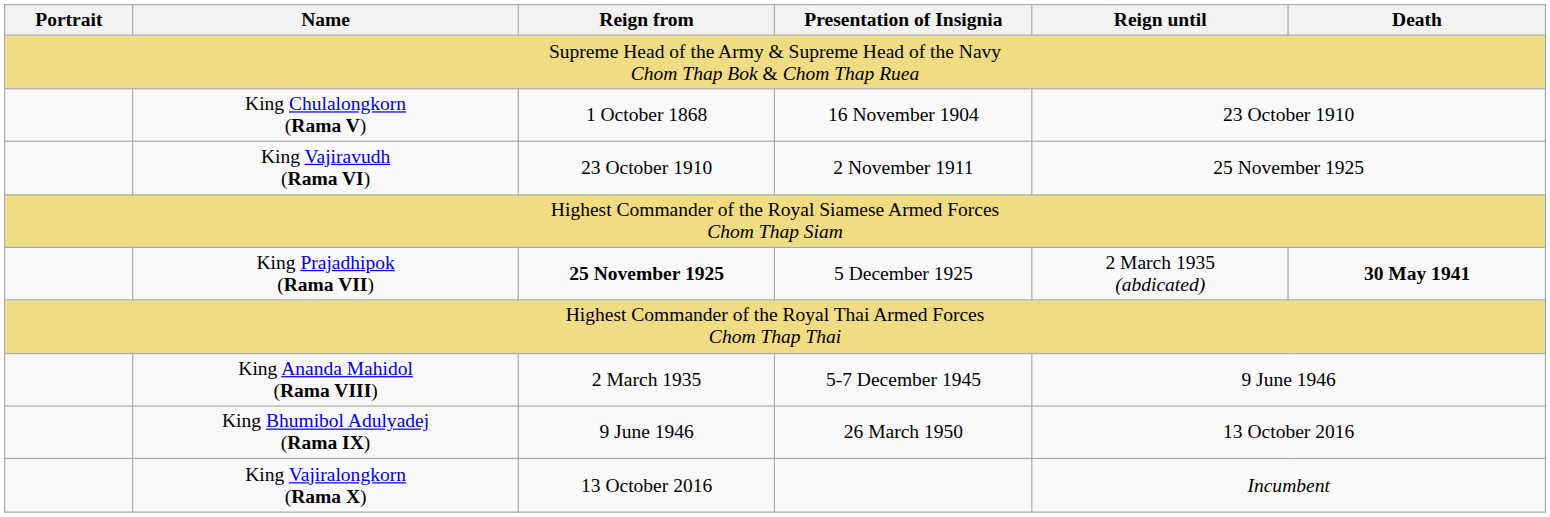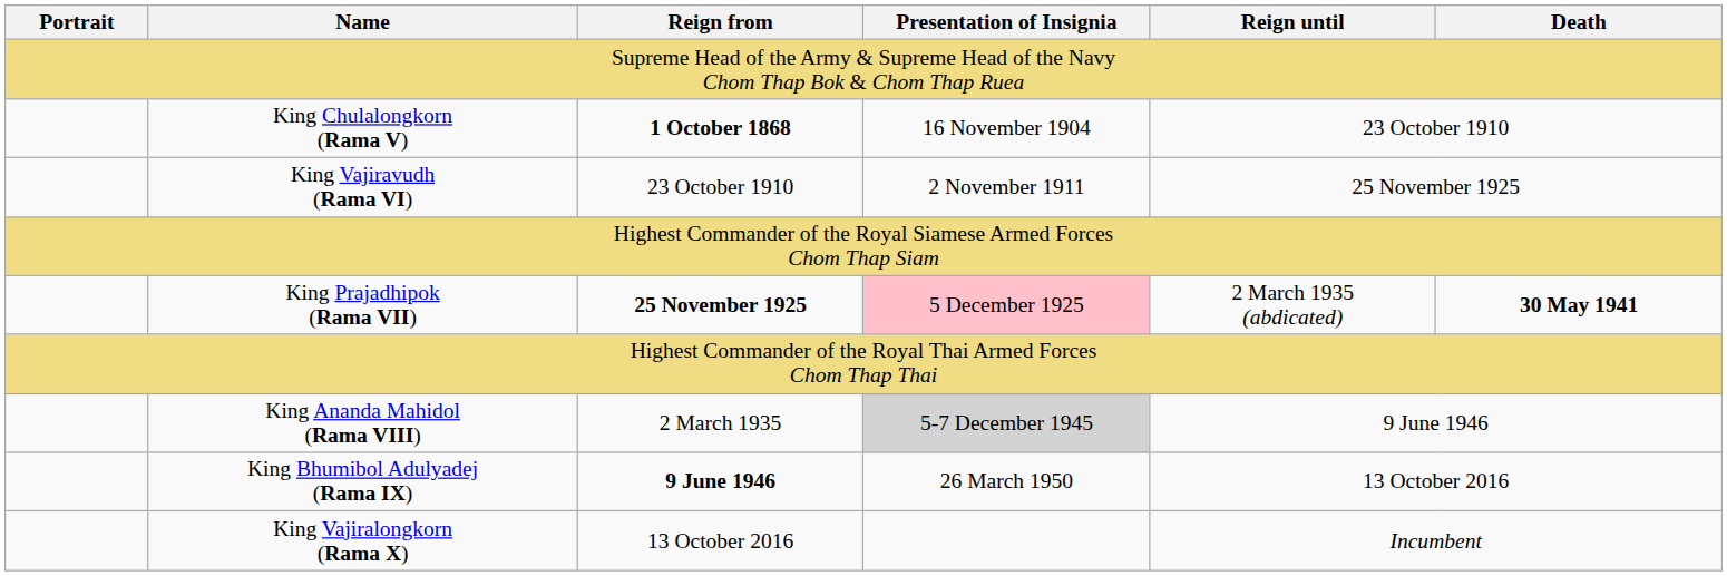 <table width=100% class="wikitable">
 <tr>
 <th width=5%>Portrait</th>
 <th width=15%>Name</th>
 <th width=10%>Reign from</th>
 <th width=10%>Presentation of Insignia</th>
 <th width=10%>Reign until</th>
 <th width=10%>Death</th>
 </tr>
 <tr>
 <td align="center" colspan=8 style="background-color:#F0DC82">Supreme Head of the Army & Supreme Head of the Navy<br><em>Chom Thap Bok</em> & <em>Chom Thap Ruea</em></td>
 </tr>
 <tr>
 <td align="center"></td>
 <td align="center">King <a href='#'>Chulalongkorn</a><br>(<strong>Rama V</strong>)</td>
-<td align="center">1 October 1868</td>
+<td align="center"><strong>1 October 1868</strong></td>
 <td align="center">16 November 1904</td>
 <td align="center" colspan=2>23 October 1910</td>
 </tr>
 <tr>
 <td align="center"></td>
 <td align="center">King <a href='#'>Vajiravudh</a><br>(<strong>Rama VI</strong>)</td>
 <td align="center">23 October 1910</td>
 <td align="center">2 November 1911</td>
 <td align="center" colspan=2>25 November 1925</td>
 </tr>
 <tr>
 <td align="center" colspan=8 style="background-color:#F0DC82">Highest Commander of the Royal Siamese Armed Forces<br><em>Chom Thap Siam</em></td>
 </tr>
 <tr>
 <td align="center"></td>
 <td align="center">King <a href='#'>Prajadhipok</a><br>(<strong>Rama VII</strong>)</td>
 <td align="center"><strong>25 November 1925</strong></td>
-<td align="center">5 December 1925</td>
+<td align="center" style="background: pink;">5 December 1925</td>
 <td align="center">2 March 1935<br><em>(abdicated)</em></td>
 <td align="center"><strong>30 May 1941</strong></td>
 </tr>
 <tr>
 <td align="center" colspan=8 style="background-color:#F0DC82">Highest Commander of the Royal Thai Armed Forces<br><em>Chom Thap Thai</em></td>
 </tr>
 <tr>
 <td align="center"></td>
 <td align="center">King <a href='#'>Ananda Mahidol</a><br>(<strong>Rama VIII</strong>)</td>
 <td align="center">2 March 1935</td>
-<td align="center">5-7 December 1945</td>
+<td align="center" style="background: lightgrey;">5-7 December 1945</td>
 <td align="center" colspan=2>9 June 1946</td>
 </tr>
 <tr>
 <td align="center"></td>
 <td align="center">King <a href='#'>Bhumibol Adulyadej</a><br>(<strong>Rama IX</strong>)</td>
-<td align="center">9 June 1946</td>
+<td align="center"><strong>9 June 1946</strong></td>
 <td align="center">26 March 1950</td>
 <td align="center" colspan=2>13 October 2016</td>
 </tr>
 <tr>
 <td align="center"></td>
 <td align="center">King <a href='#'>Vajiralongkorn</a><br>(<strong>Rama X</strong>)</td>
 <td align="center">13 October 2016</td>
 <td align="center"></td>
 <td align="center" colspan=2><em>Incumbent</em></td>
 </tr>
 </table>
